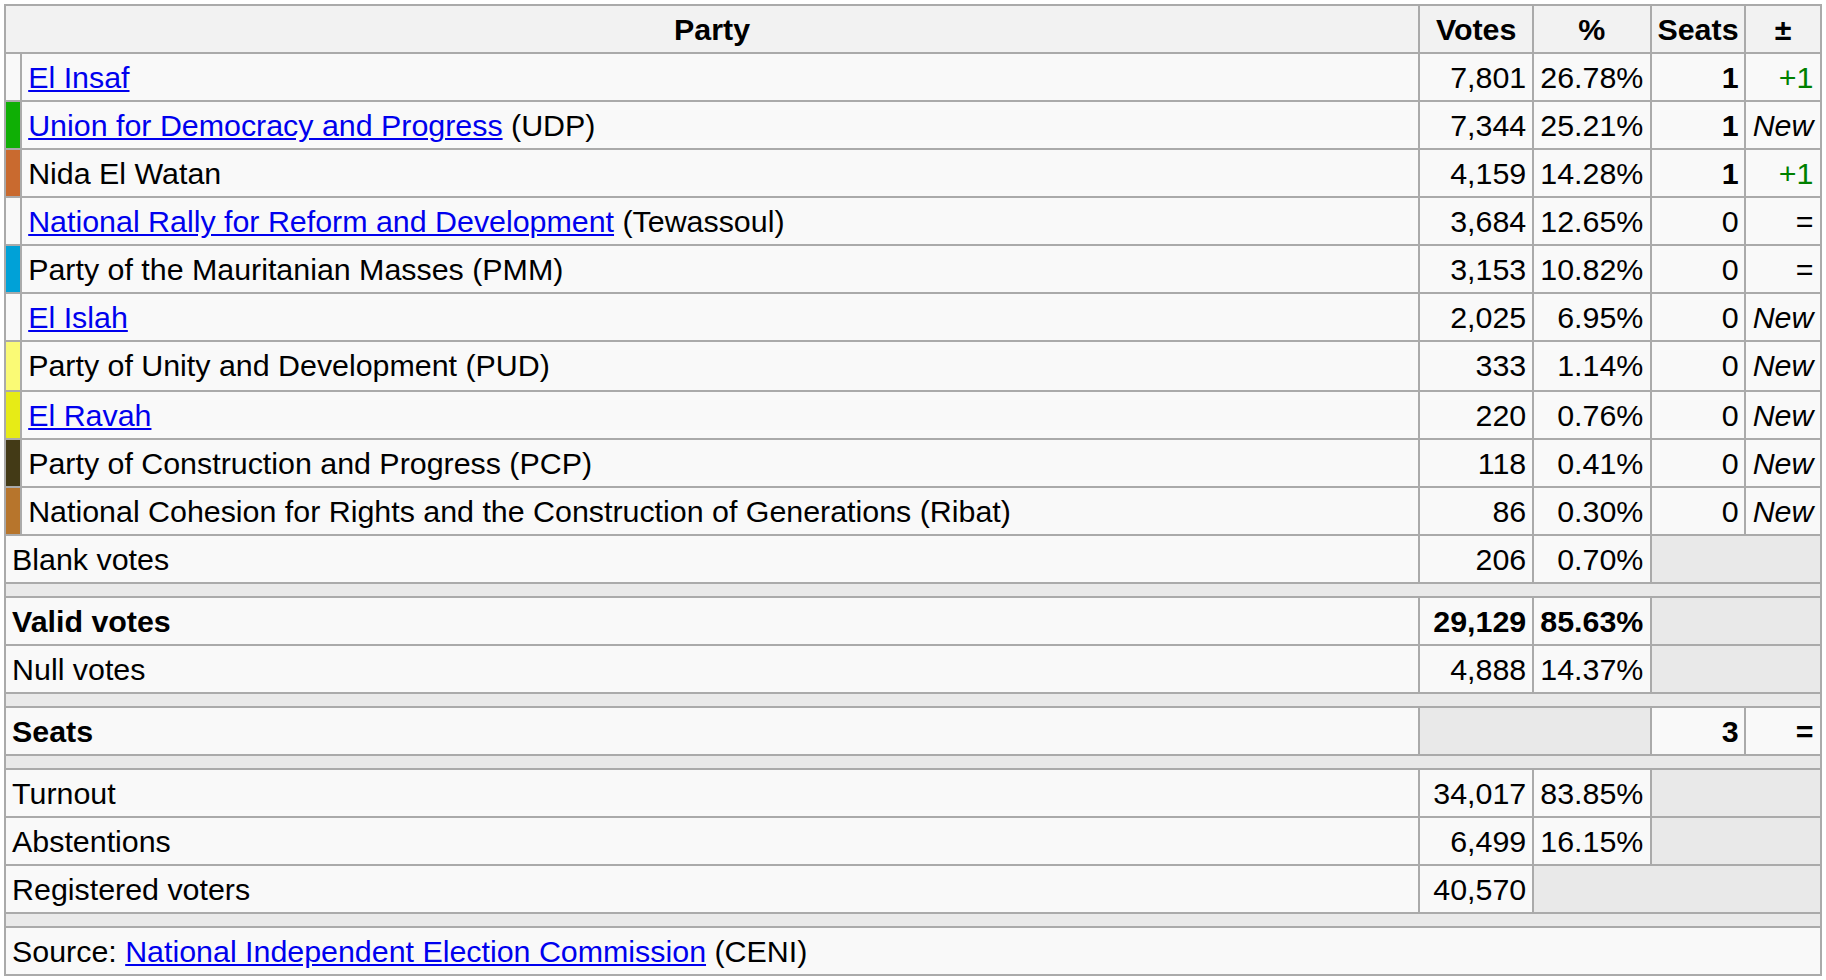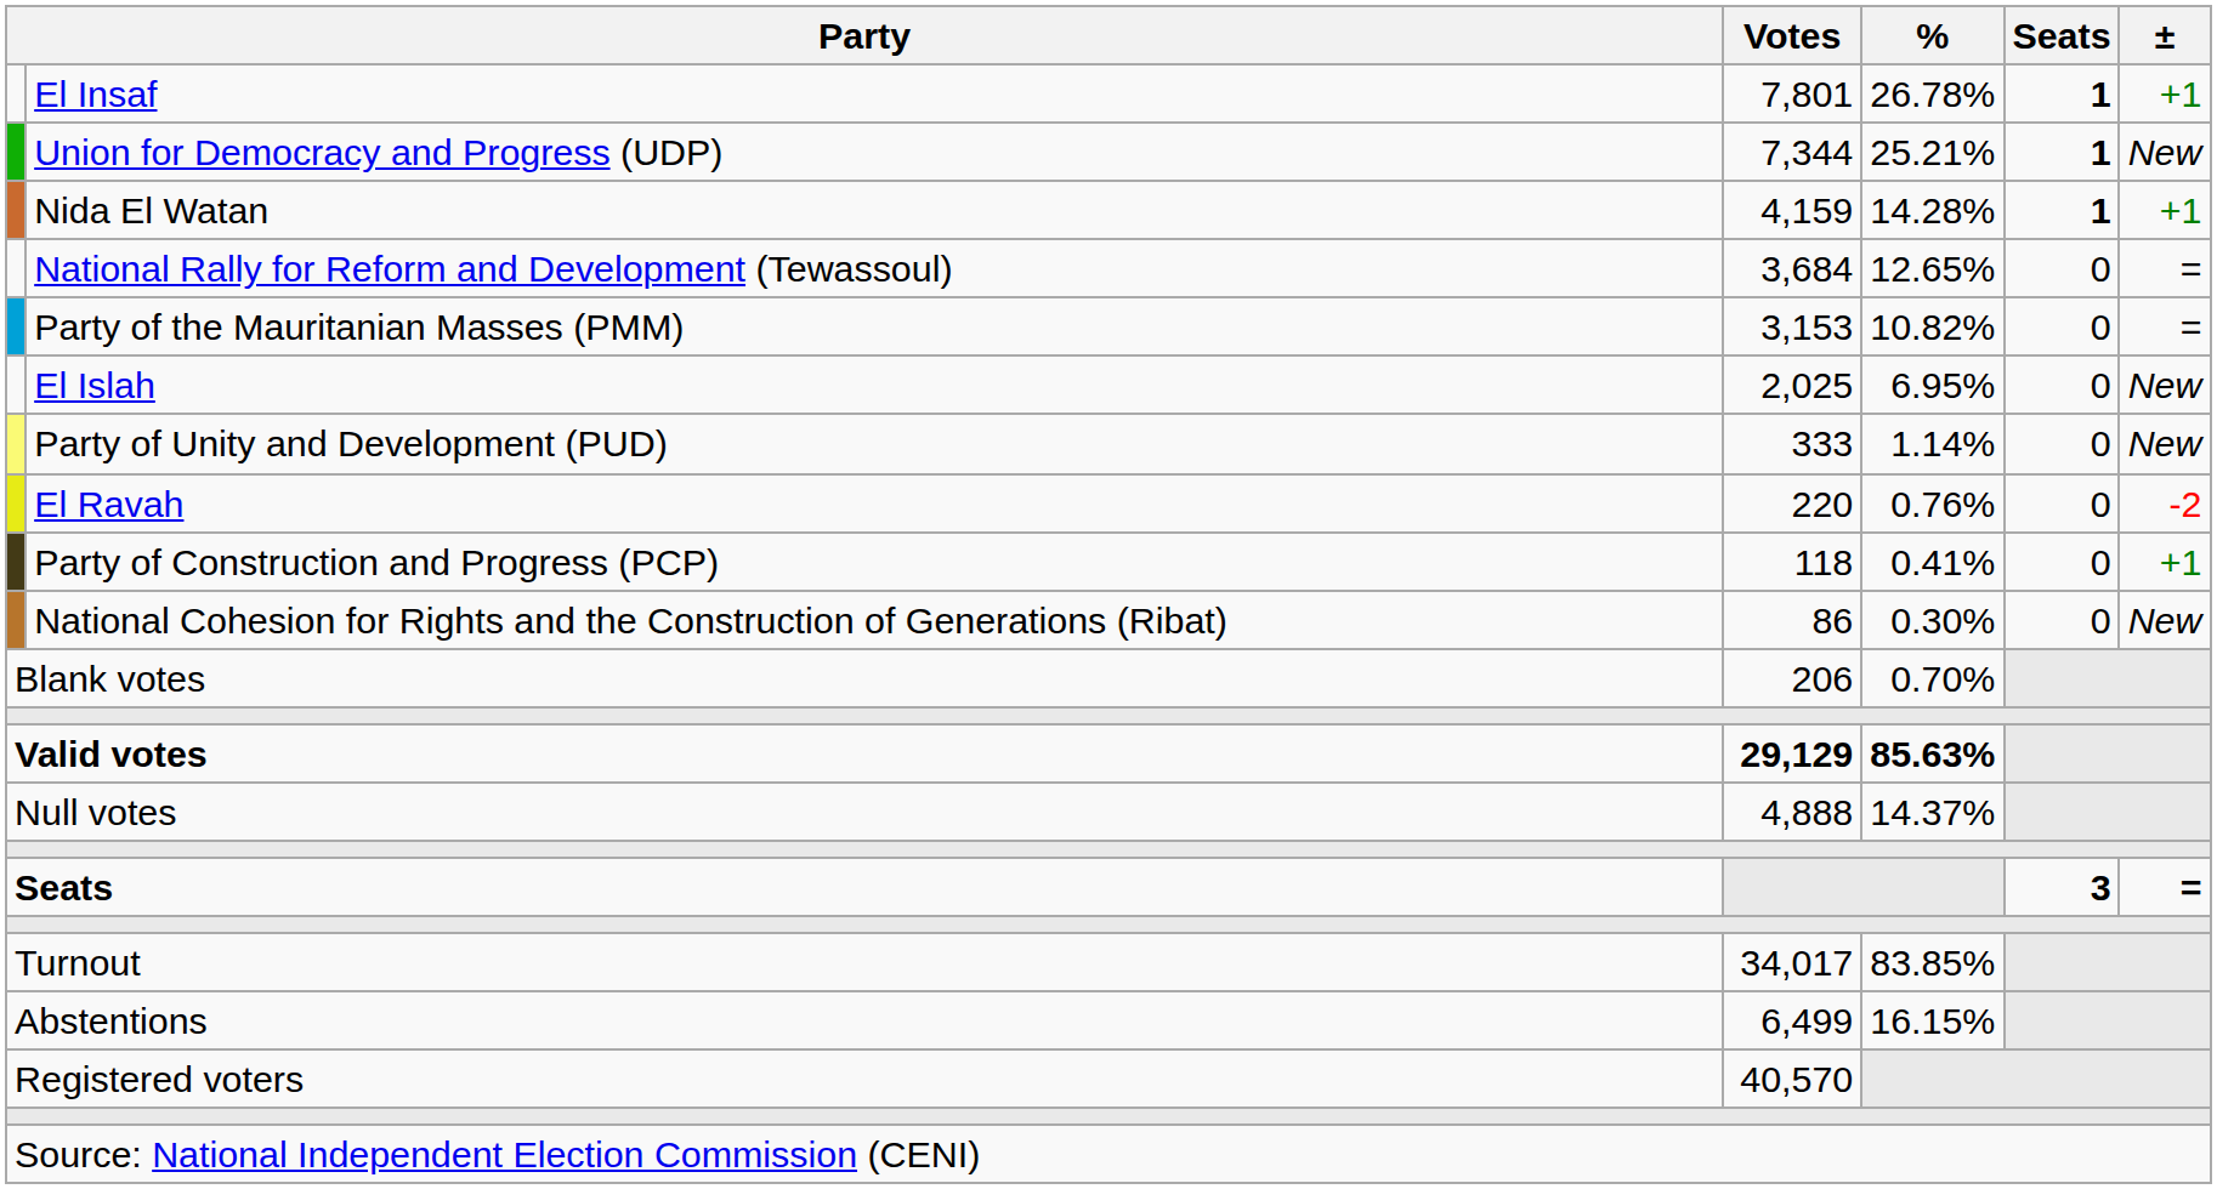 <table class="wikitable" style="text-align:right;font-size:95%;">
 <tr>
 <th width="700" colspan="2">Party</th>
 <th width="50">Votes</th>
 <th width="50">%</th>
 <th width="25">Seats</th>
 <th width="20">±</th>
 </tr>
 <tr>
 <td width="1" style="color:inherit;background:"></td>
 <td style="text-align:left;"><a href='#'>El Insaf</a></td>
 <td>7,801</td>
 <td>26.78%</td>
 <td><strong>1</strong></td>
 <td style="color:green;">+1</td>
 </tr>
 <tr>
 <td width="1" style="color:inherit;background:#0FAF05;"></td>
 <td style="text-align:left;"><a href='#'>Union for Democracy and Progress</a> (UDP)</td>
 <td>7,344</td>
 <td>25.21%</td>
 <td><strong>1</strong></td>
 <td><em>New</em></td>
 </tr>
 <tr>
 <td width="1" style="color:inherit;background:#C96A2F;"></td>
 <td style="text-align:left;">Nida El Watan</td>
 <td>4,159</td>
 <td>14.28%</td>
 <td><strong>1</strong></td>
 <td style="color:green;">+1</td>
 </tr>
 <tr>
 <td width="1" style="color:inherit;background:"></td>
 <td style="text-align:left;"><a href='#'>National Rally for Reform and Development</a> (Tewassoul)</td>
 <td>3,684</td>
 <td>12.65%</td>
 <td>0</td>
 <td>=</td>
 </tr>
 <tr>
 <td width="1" style="color:inherit;background:#00A1D7;"></td>
 <td style="text-align:left;">Party of the Mauritanian Masses (PMM)</td>
 <td>3,153</td>
 <td>10.82%</td>
 <td>0</td>
 <td>=</td>
 </tr>
 <tr>
 <td width="1" style="color:inherit;background:"></td>
 <td style="text-align:left;"><a href='#'>El Islah</a></td>
 <td>2,025</td>
 <td>6.95%</td>
 <td>0</td>
 <td><em>New</em></td>
 </tr>
 <tr>
 <td width="1" style="color:inherit;background:#FAFA75;"></td>
 <td style="text-align:left;">Party of Unity and Development (PUD)</td>
 <td>333</td>
 <td>1.14%</td>
 <td>0</td>
 <td><em>New</em></td>
 </tr>
 <tr>
 <td width="1" style="color:inherit;background:#E7EB16;"></td>
 <td style="text-align:left;"><a href='#'>El Ravah</a></td>
 <td>220</td>
 <td>0.76%</td>
 <td>0</td>
-<td><em>New</em></td>
+<td style="color:red;">-2</td>
 </tr>
 <tr>
 <td width="1" style="color:inherit;background:#433A16;"></td>
 <td style="text-align:left;">Party of Construction and Progress (PCP)</td>
 <td>118</td>
 <td>0.41%</td>
 <td>0</td>
-<td><em>New</em></td>
+<td style="color:green;">+1</td>
 </tr>
 <tr>
 <td width="1" style="color:inherit;background:#B7752C;"></td>
 <td style="text-align:left;">National Cohesion for Rights and the Construction of Generations (Ribat)</td>
 <td>86</td>
 <td>0.30%</td>
 <td>0</td>
 <td><em>New</em></td>
 </tr>
 <tr>
 <td colspan="2" style="text-align:left;">Blank votes</td>
 <td>206</td>
 <td>0.70%</td>
 <td colspan="2" style="background:#E9E9E9;"></td>
 </tr>
 <tr>
 <td colspan="6" style="background:#E9E9E9;"></td>
 </tr>
 <tr style="font-weight:bold;">
 <td colspan="2" style="text-align:left;">Valid votes</td>
 <td>29,129</td>
 <td>85.63%</td>
 <td colspan="2" style="background:#E9E9E9;"></td>
 </tr>
 <tr>
 <td colspan="2" style="text-align:left;">Null votes</td>
 <td>4,888</td>
 <td>14.37%</td>
 <td colspan="2" style="background:#E9E9E9;"></td>
 </tr>
 <tr>
 <td colspan="6" style="background:#E9E9E9;"></td>
 </tr>
 <tr>
 </tr>
 <tr style="font-weight:bold;">
 <td colspan="2" style="text-align:left;">Seats</td>
 <td colspan="2" style="background:#E9E9E9;"></td>
 <td>3</td>
 <td>=</td>
 </tr>
 <tr>
 <td colspan="6" style="background:#E9E9E9;"></td>
 </tr>
 <tr>
 <td colspan="2" style="text-align:left;">Turnout</td>
 <td>34,017</td>
 <td>83.85%</td>
 <td colspan="2" style="background:#E9E9E9;"></td>
 </tr>
 <tr>
 <td colspan="2" style="text-align:left;">Abstentions</td>
 <td>6,499</td>
 <td>16.15%</td>
 <td colspan="2" style="background:#E9E9E9;"></td>
 </tr>
 <tr>
 <td colspan="2" style="text-align:left;">Registered voters</td>
 <td>40,570</td>
 <td colspan="3" style="background:#E9E9E9;"></td>
 </tr>
 <tr>
 <td colspan="6" style="background:#E9E9E9;"></td>
 </tr>
 <tr>
 <td colspan="6" style="text-align:left;">Source: <a href='#'>National Independent Election Commission</a> (CENI)</td>
 </tr>
 </table>
